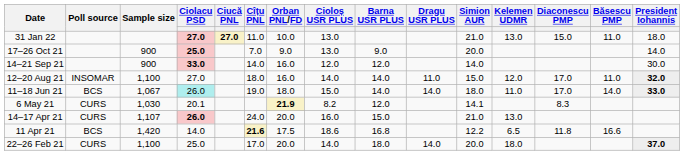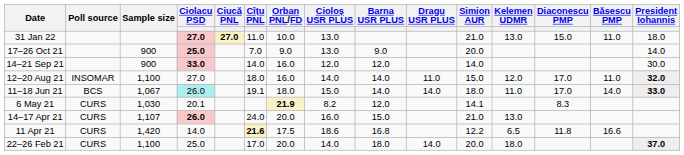 <table class="wikitable sortable mw-datatable" style="text-align:center;font-size:90%;line-height:14px;">
 <tr>
 <th rowspan="2">Date</th>
 <th rowspan="2">Poll source</th>
 <th rowspan="2" class="unsortable">Sample size</th>
 <th class="unsortable"><a href='#'>Ciolacu</a><br><a href='#'>PSD</a></th>
 <th class="unsortable"><a href='#'>Ciucă</a><br><a href='#'>PNL</a></th>
 <th class="unsortable"><a href='#'>Cîțu</a><br><a href='#'>PNL</a></th>
 <th class="unsortable"><a href='#'>Orban</a><br><a href='#'>PNL</a>/<a href='#'>FD</a></th>
 <th class="unsortable"><a href='#'>Cioloș</a><br><a href='#'>USR PLUS</a></th>
 <th class="unsortable"><a href='#'>Barna</a><br><a href='#'>USR PLUS</a></th>
 <th class="unsortable"><a href='#'>Dragu</a><br><a href='#'>USR PLUS</a></th>
 <th class="unsortable"><a href='#'>Simion</a><br><a href='#'>AUR</a></th>
 <th class="unsortable"><a href='#'>Kelemen</a><br><a href='#'>UDMR</a></th>
 <th class="unsortable"><a href='#'>Diaconescu</a><br><a href='#'>PMP</a></th>
 <th class="unsortable"><a href='#'>Băsescu</a><br><a href='#'>PMP</a></th>
 <th class="unsortable"><a href='#'>President</a><br><a href='#'>Iohannis</a></th>
 </tr>
 <tr>
 <th style="background:"></th>
 <th style="background:"></th>
 <th style="background:"></th>
 <th style="background:"></th>
 <th style="background:"></th>
 <th style="background:"></th>
 <th style="background:"></th>
 <th style="background:"></th>
 <th style="background:"></th>
 <th style="background:"></th>
 <th style="background:"></th>
 <th style="background:"></th>
 </tr>
 <tr>
 <td>31 Jan 22</td>
 <td></td>
 <td></td>
 <td style="background:#F9C8CA;"><strong>27.0</strong></td>
 <td style="background:#F9F2C8"><strong>27.0</strong></td>
 <td>11.0</td>
 <td>10.0</td>
 <td>13.0</td>
 <td></td>
 <td></td>
 <td>21.0</td>
 <td>13.0</td>
 <td>15.0</td>
 <td>11.0</td>
 <td>18.0</td>
 </tr>
 <tr>
 <td>17–26 Oct 21</td>
 <td></td>
 <td>900</td>
 <td style="background:#F9C8CA;"><strong>25.0</strong></td>
 <td></td>
 <td>7.0</td>
 <td>9.0</td>
 <td>13.0</td>
 <td>9.0</td>
 <td></td>
 <td>20.0</td>
 <td></td>
 <td></td>
 <td></td>
 <td>14.0</td>
 </tr>
 <tr>
 <td data-sort-value="2021-09-21">14–21 Sep 21</td>
 <td></td>
 <td>900</td>
 <td style="background:#F9C8CA;"><strong>33.0</strong></td>
 <td></td>
 <td>14.0</td>
 <td>16.0</td>
 <td>12.0</td>
 <td>12.0</td>
 <td></td>
 <td>14.0</td>
 <td></td>
 <td></td>
 <td></td>
 <td>30.0</td>
 </tr>
 <tr>
 <td data-sort-value="2021-08-20">12–20 Aug 21</td>
 <td>INSOMAR</td>
 <td>1,100</td>
 <td>27.0</td>
 <td></td>
 <td>18.0</td>
 <td>16.0</td>
 <td>14.0</td>
 <td>14.0</td>
 <td>11.0</td>
 <td>15.0</td>
 <td>12.0</td>
 <td>17.0</td>
 <td>11.0</td>
 <td style="background:#EEEEEE;"><strong>32.0</strong></td>
 </tr>
 <tr>
 <td data-sort-value="2021-06-18">11–18 Jun 21</td>
 <td>BCS</td>
 <td>1,067</td>
 <td style="background: paleturquoise;">26.0</td>
 <td></td>
-<td>19.0</td>
+<td>19.1</td>
 <td>18.0</td>
 <td>15.0</td>
 <td>14.0</td>
 <td>14.0</td>
 <td>18.0</td>
 <td>11.0</td>
 <td>17.0</td>
 <td>14.0</td>
 <td style="background:#EEEEEE;"><strong>33.0</strong></td>
 </tr>
 <tr>
 <td data-sort-value="2021-05-06">6 May 21</td>
 <td>CURS</td>
 <td>1,030</td>
 <td>20.1</td>
 <td></td>
 <td></td>
 <td style="background:#F9F2C8"><strong>21.9</strong></td>
 <td>8.2</td>
 <td>12.0</td>
 <td></td>
 <td>14.1</td>
 <td></td>
 <td>8.3</td>
 <td></td>
 <td></td>
 </tr>
 <tr>
 <td data-sort-value="2021-04-17">14–17 Apr 21</td>
 <td>CURS</td>
 <td>1,107</td>
 <td style="background:#F9C8CA;"><strong>26.0</strong></td>
 <td></td>
 <td>24.0</td>
 <td>20.0</td>
 <td>16.0</td>
 <td>15.0</td>
 <td></td>
 <td>21.0</td>
 <td>13.0</td>
 <td></td>
 <td></td>
 <td></td>
 </tr>
 <tr>
 <td data-sort-value="2021-04-11">11 Apr 21</td>
-<td>BCS</td>
+<td>CURS</td>
 <td>1,420</td>
 <td>14.0</td>
 <td></td>
 <td style="background:#F9F2C8"><strong>21.6</strong></td>
 <td>17.5</td>
 <td>18.6</td>
 <td>16.8</td>
 <td></td>
 <td>12.2</td>
 <td>6.5</td>
 <td>11.8</td>
 <td>16.6</td>
 <td></td>
 </tr>
 <tr>
 <td data-sort-value="2021-02-26">22–26 Feb 21</td>
 <td>CURS</td>
 <td>1,100</td>
 <td>25.0</td>
 <td></td>
 <td>17.0</td>
 <td>20.0</td>
 <td>14.0</td>
 <td>18.0</td>
 <td>14.0</td>
 <td>20.0</td>
 <td>18.0</td>
 <td></td>
 <td></td>
 <td style="background:#EEEEEE;"><strong>37.0</strong></td>
 </tr>
 </table>
